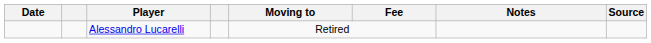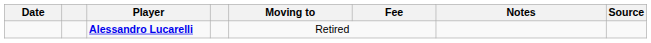 <table class="wikitable sortable">
 <tr>
 <th style="width:80px;">Date</th>
 <th style="width:30px;"></th>
 <th style="width:180px;">Player</th>
 <th style="width:20px;"></th>
 <th style="width:180px;">Moving to</th>
 <th style="width:120px;" class="unsortable">Fee</th>
 <th style="width:250px;" class="unsortable">Notes</th>
 <th style="width:20px;">Source</th>
 </tr>
 <tr>
 <td></td>
 <td align=center></td>
-<td> <a href='#'>Alessandro Lucarelli</a></td>
+<td><strong> <a href='#'>Alessandro Lucarelli</a></strong></td>
 <td align=center></td>
 <td align=center colspan=2>Retired</td>
 <td></td>
 <td></td>
 </tr>
 </table>
